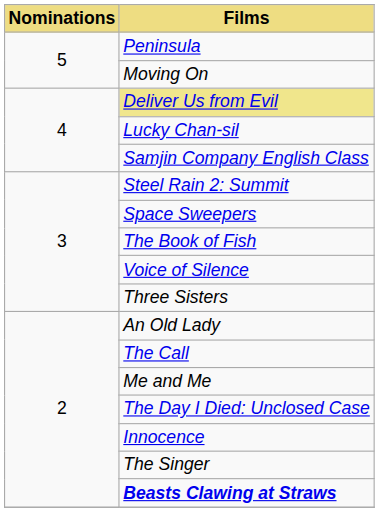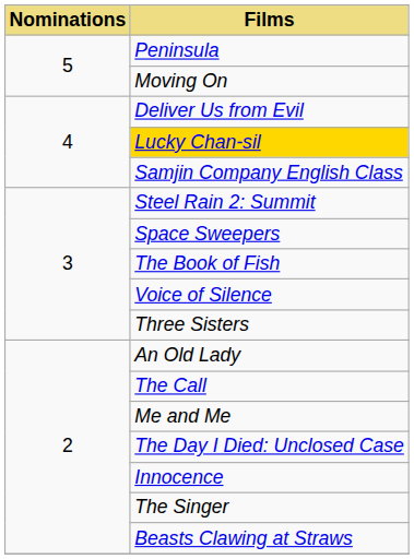 <table class="wikitable" align="center">
 <tr>
 <th style="background:#EEDD82;" align="center">Nominations</th>
 <th style="background:#EEDD82;" align="center">Films</th>
 </tr>
 <tr>
 <td rowspan="2" style="text-align:center">5</td>
 <td><em><a href='#'>Peninsula</a></em></td>
 </tr>
 <tr>
 <td><em>Moving On</em></td>
 </tr>
 <tr>
 <td rowspan="3" style="text-align:center">4</td>
-<td style="background: khaki;"><em><a href='#'>Deliver Us from Evil</a></em></td>
+<td><em><a href='#'>Deliver Us from Evil</a></em></td>
 </tr>
 <tr>
-<td><em><a href='#'>Lucky Chan-sil</a></em></td>
+<td style="background: gold;"><em><a href='#'>Lucky Chan-sil</a></em></td>
 </tr>
 <tr>
 <td><em><a href='#'>Samjin Company English Class</a></em></td>
 </tr>
 <tr>
 <td rowspan="5" style="text-align:center">3</td>
 <td><em><a href='#'>Steel Rain 2: Summit</a></em></td>
 </tr>
 <tr>
 <td><em><a href='#'>Space Sweepers</a></em></td>
 </tr>
 <tr>
 <td><em><a href='#'>The Book of Fish</a></em></td>
 </tr>
 <tr>
 <td><em><a href='#'>Voice of Silence</a></em></td>
 </tr>
 <tr>
 <td><em>Three Sisters</em></td>
 </tr>
 <tr>
 <td rowspan="7" style="text-align:center">2</td>
 <td><em>An Old Lady</em></td>
 </tr>
 <tr>
 <td><em><a href='#'>The Call</a></em></td>
 </tr>
 <tr>
 <td><em>Me and Me</em></td>
 </tr>
 <tr>
 <td><em><a href='#'>The Day I Died: Unclosed Case</a></em></td>
 </tr>
 <tr>
 <td><em><a href='#'>Innocence</a></em></td>
 </tr>
 <tr>
 <td><em>The Singer</em></td>
 </tr>
 <tr>
-<td><strong><em><a href='#'>Beasts Clawing at Straws</a></em></strong></td>
+<td><em><a href='#'>Beasts Clawing at Straws</a></em></td>
 </tr>
 <tr>
 </tr>
 </table>
